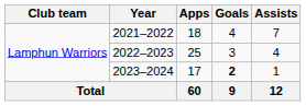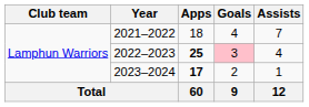 <table class=wikitable style="text-align: center;">
 <tr>
 <th>Club team</th>
 <th>Year</th>
 <th>Apps</th>
 <th>Goals</th>
 <th>Assists</th>
 </tr>
 <tr>
 <td rowspan="3"><a href='#'>Lamphun Warriors</a></td>
 <td>2021–2022</td>
 <td>18</td>
 <td>4</td>
 <td>7</td>
 </tr>
 <tr>
 <td>2022–2023</td>
-<td>25</td>
-<td>3</td>
+<td><strong>25</strong></td>
+<td style="background: pink;">3</td>
 <td>4</td>
 </tr>
 <tr>
 <td>2023–2024</td>
-<td>17</td>
-<td><strong>2</strong></td>
+<td><strong>17</strong></td>
+<td>2</td>
 <td>1</td>
 </tr>
 <tr>
 <th colspan="2">Total</th>
 <th>60</th>
 <th>9</th>
 <th>12</th>
 </tr>
 </table>
